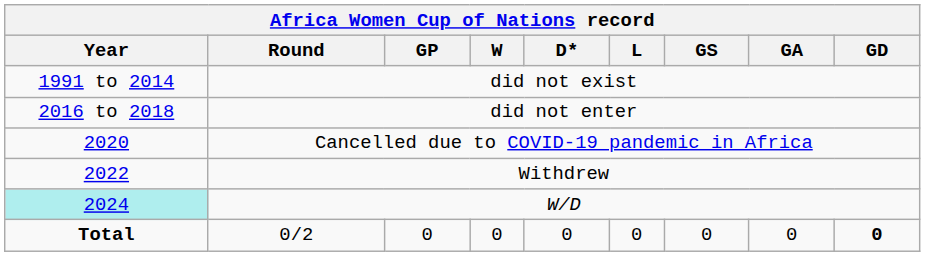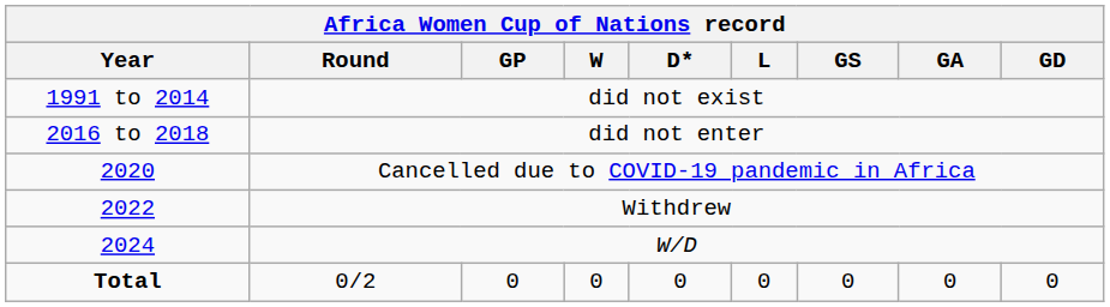 <table class="wikitable" style="text-align: center; width:50%;">
 <tr>
 <th colspan="9"><a href='#'>Africa Women Cup of Nations</a> record</th>
 </tr>
 <tr>
 <th>Year</th>
 <th>Round</th>
 <th>GP</th>
 <th>W</th>
 <th>D*</th>
 <th>L</th>
 <th>GS</th>
 <th>GA</th>
 <th>GD</th>
 </tr>
 <tr>
 <td><a href='#'>1991</a> to  <a href='#'>2014</a></td>
 <td colspan=8>did not exist</td>
 </tr>
 <tr>
 <td> <a href='#'>2016</a> to  <a href='#'>2018</a></td>
 <td colspan=8>did not enter</td>
 </tr>
 <tr>
 <td><a href='#'>2020</a></td>
 <td colspan=8>Cancelled due to <a href='#'>COVID-19 pandemic in Africa</a></td>
 </tr>
 <tr>
 <td> <a href='#'>2022</a></td>
 <td colspan=8>Withdrew</td>
 </tr>
 <tr>
-<td style="background: paleturquoise;"> <a href='#'>2024</a></td>
+<td> <a href='#'>2024</a></td>
 <td colspan=8><em>W/D</em></td>
 </tr>
 <tr>
 <td><strong>Total</strong></td>
 <td>0/2</td>
 <td>0</td>
 <td>0</td>
 <td>0</td>
 <td>0</td>
 <td>0</td>
 <td>0</td>
-<td><strong>0</strong></td>
+<td>0</td>
 </tr>
 </table>
